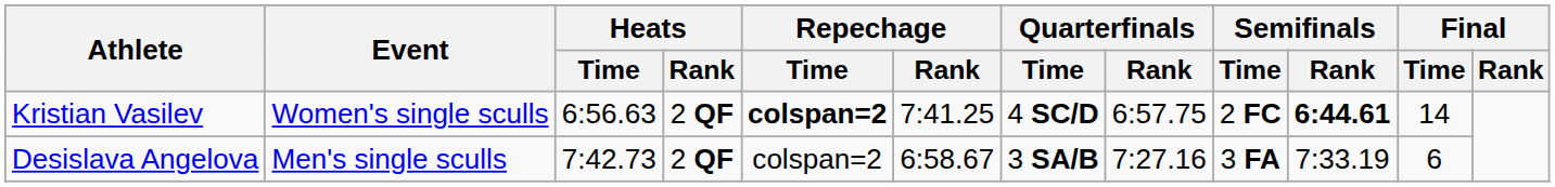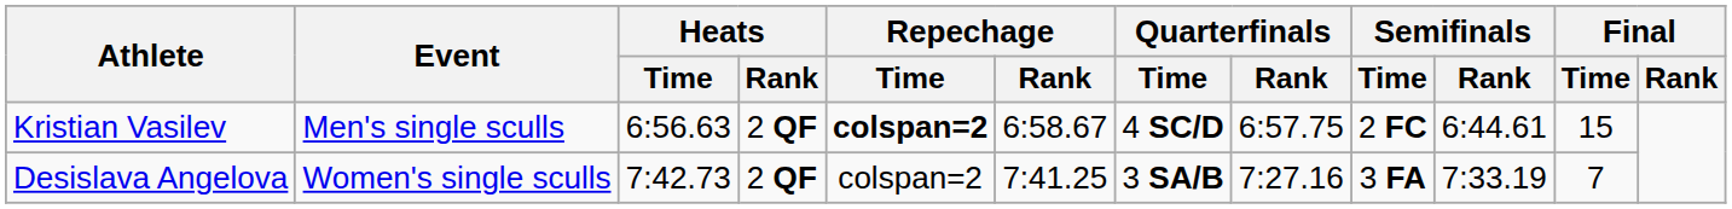 <table class=wikitable style=font-size:90%;text-align:center>
 <tr>
 <th rowspan=2>Athlete</th>
 <th rowspan=2>Event</th>
 <th colspan=2>Heats</th>
 <th colspan=2>Repechage</th>
 <th colspan=2>Quarterfinals</th>
 <th colspan=2>Semifinals</th>
 <th colspan=2>Final</th>
 </tr>
 <tr style=font-size:95%>
 <th>Time</th>
 <th>Rank</th>
 <th>Time</th>
 <th>Rank</th>
 <th>Time</th>
 <th>Rank</th>
 <th>Time</th>
 <th>Rank</th>
 <th>Time</th>
 <th>Rank</th>
 </tr>
 <tr>
 <td align=left><a href='#'>Kristian Vasilev</a></td>
-<td align=left><a href='#'>Women's single sculls</a></td>
+<td align=left><a href='#'>Men's single sculls</a></td>
 <td>6:56.63</td>
 <td>2 <strong>QF</strong></td>
 <td><strong>colspan=2 </strong></td>
-<td>7:41.25</td>
+<td>6:58.67</td>
 <td>4 <strong>SC/D</strong></td>
 <td>6:57.75</td>
 <td>2 <strong>FC</strong></td>
-<td><strong>6:44.61</strong></td>
-<td>14</td>
+<td>6:44.61</td>
+<td>15</td>
 </tr>
 <tr>
 <td align=left><a href='#'>Desislava Angelova</a></td>
-<td align=left><a href='#'>Men's single sculls</a></td>
+<td align=left><a href='#'>Women's single sculls</a></td>
 <td>7:42.73</td>
 <td>2 <strong>QF</strong></td>
 <td>colspan=2 </td>
-<td>6:58.67</td>
+<td>7:41.25</td>
 <td>3 <strong>SA/B</strong></td>
 <td>7:27.16</td>
 <td>3 <strong>FA</strong></td>
 <td>7:33.19</td>
-<td>6</td>
+<td>7</td>
 </tr>
 </table>
